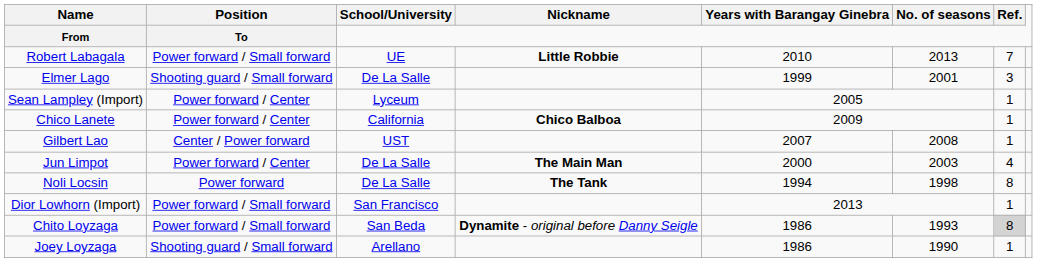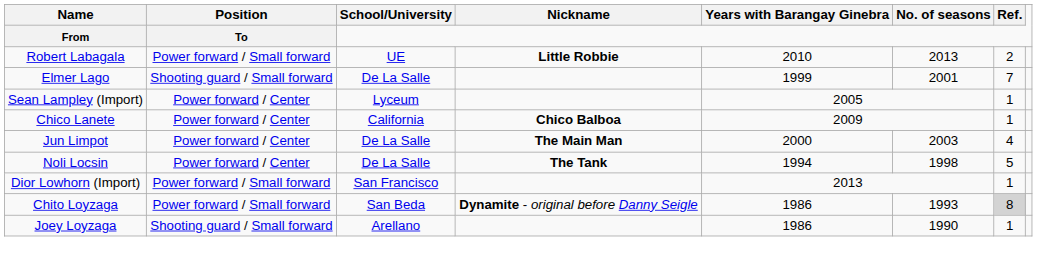 <table class="wikitable sortable" style="text-align:center" width="98%">
 <tr>
 <th>Name</th>
 <th>Position</th>
 <th>School/University</th>
 <th>Nickname</th>
 <th>Years with Barangay Ginebra</th>
 <th>No. of seasons</th>
 <th>Ref.</th>
 </tr>
 <tr>
 <th><small>From</small></th>
 <th><small>To</small></th>
 </tr>
 <tr>
 <td><a href='#'>Robert Labagala</a></td>
 <td><a href='#'>Power forward</a> / <a href='#'>Small forward</a></td>
 <td><a href='#'>UE</a></td>
 <td><strong>Little Robbie</strong></td>
 <td>2010</td>
 <td>2013</td>
-<td>7</td>
+<td>2</td>
 <td></td>
 </tr>
 <tr>
 <td><a href='#'>Elmer Lago</a></td>
 <td><a href='#'>Shooting guard</a> / <a href='#'>Small forward</a></td>
 <td><a href='#'>De La Salle</a></td>
 <td></td>
 <td>1999</td>
 <td>2001</td>
-<td>3</td>
+<td>7</td>
 <td></td>
 </tr>
 <tr>
 <td><a href='#'>Sean Lampley</a> (Import)</td>
 <td><a href='#'>Power forward</a> / <a href='#'>Center</a></td>
 <td><a href='#'>Lyceum</a></td>
 <td></td>
 <td colspan="2">2005</td>
 <td>1</td>
 <td></td>
 </tr>
 <tr>
 <td><a href='#'>Chico Lanete</a></td>
 <td><a href='#'>Power forward</a> / <a href='#'>Center</a></td>
 <td><a href='#'>California</a></td>
 <td><strong>Chico Balboa</strong></td>
 <td colspan="2">2009</td>
 <td>1</td>
 <td></td>
 </tr>
 <tr>
-<td><a href='#'>Gilbert Lao</a></td>
-<td><a href='#'>Center</a> / <a href='#'>Power forward</a></td>
-<td><a href='#'>UST</a></td>
-<td></td>
-<td>2007</td>
-<td>2008</td>
-<td>1</td>
-<td></td>
-</tr>
-<tr>
 <td><a href='#'>Jun Limpot</a></td>
 <td><a href='#'>Power forward</a> / <a href='#'>Center</a></td>
 <td><a href='#'>De La Salle</a></td>
 <td><strong>The Main Man</strong></td>
 <td>2000</td>
 <td>2003</td>
 <td>4</td>
 <td></td>
 </tr>
 <tr>
 <td><a href='#'>Noli Locsin</a></td>
-<td><a href='#'>Power forward</a></td>
+<td><a href='#'>Power forward</a> / <a href='#'>Center</a></td>
 <td><a href='#'>De La Salle</a></td>
 <td><strong>The Tank</strong></td>
 <td>1994</td>
 <td>1998</td>
-<td>8</td>
+<td>5</td>
 <td></td>
 </tr>
 <tr>
 <td><a href='#'>Dior Lowhorn</a> (Import)</td>
 <td><a href='#'>Power forward</a> / <a href='#'>Small forward</a></td>
 <td><a href='#'>San Francisco</a></td>
 <td></td>
 <td colspan="2">2013</td>
 <td>1</td>
 <td></td>
 </tr>
 <tr>
 <td><a href='#'>Chito Loyzaga</a></td>
 <td><a href='#'>Power forward</a> / <a href='#'>Small forward</a></td>
 <td><a href='#'>San Beda</a></td>
 <td><strong>Dynamite</strong> - <em>original before <a href='#'>Danny Seigle</a></em></td>
 <td>1986</td>
 <td>1993</td>
 <td style="background: lightgrey;">8</td>
 <td></td>
 </tr>
 <tr>
 <td><a href='#'>Joey Loyzaga</a></td>
 <td><a href='#'>Shooting guard</a> / <a href='#'>Small forward</a></td>
 <td><a href='#'>Arellano</a></td>
 <td></td>
 <td>1986</td>
 <td>1990</td>
 <td>1</td>
 <td></td>
 </tr>
 </table>
